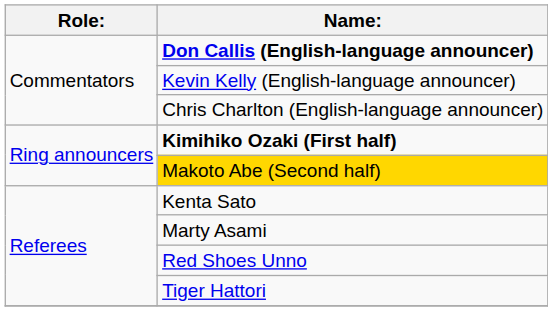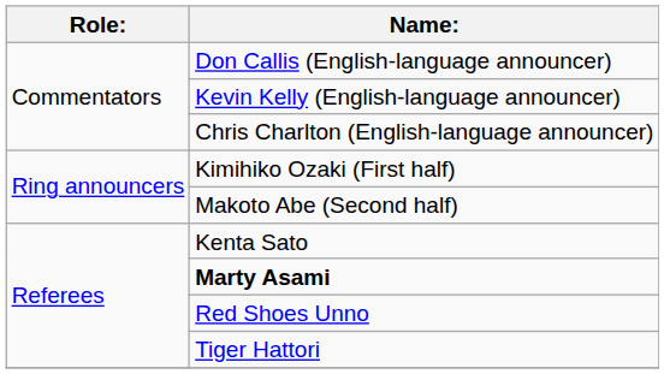 <table class=wikitable style="font-size:90%; margin: 0.5em 0 0.5em 1em; float: right; clear: right;">
 <tr>
 <th>Role:</th>
 <th>Name:</th>
 </tr>
 <tr>
 <td rowspan=3>Commentators</td>
-<td><strong><a href='#'>Don Callis</a> (English-language announcer)</strong></td>
+<td><a href='#'>Don Callis</a> (English-language announcer)</td>
 </tr>
 <tr>
 <td><a href='#'>Kevin Kelly</a> (English-language announcer)</td>
 </tr>
 <tr>
 <td>Chris Charlton (English-language announcer)</td>
 </tr>
 <tr>
 <td rowspan=2><a href='#'>Ring announcers</a></td>
-<td><strong>Kimihiko Ozaki (First half)</strong></td>
+<td>Kimihiko Ozaki (First half)</td>
 </tr>
 <tr>
-<td style="background: gold;">Makoto Abe (Second half)</td>
+<td>Makoto Abe (Second half)</td>
 </tr>
 <tr>
 <td rowspan=4><a href='#'>Referees</a></td>
 <td>Kenta Sato</td>
 </tr>
 <tr>
-<td>Marty Asami</td>
+<td><strong>Marty Asami</strong></td>
 </tr>
 <tr>
 <td><a href='#'>Red Shoes Unno</a></td>
 </tr>
 <tr>
 <td><a href='#'>Tiger Hattori</a></td>
 </tr>
 <tr>
 </tr>
 </table>
